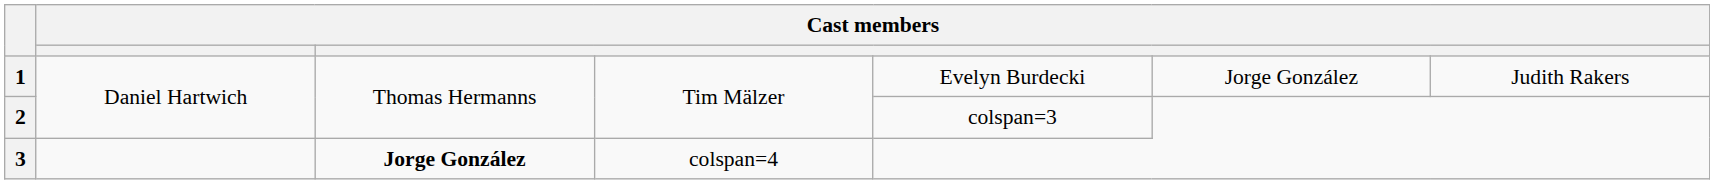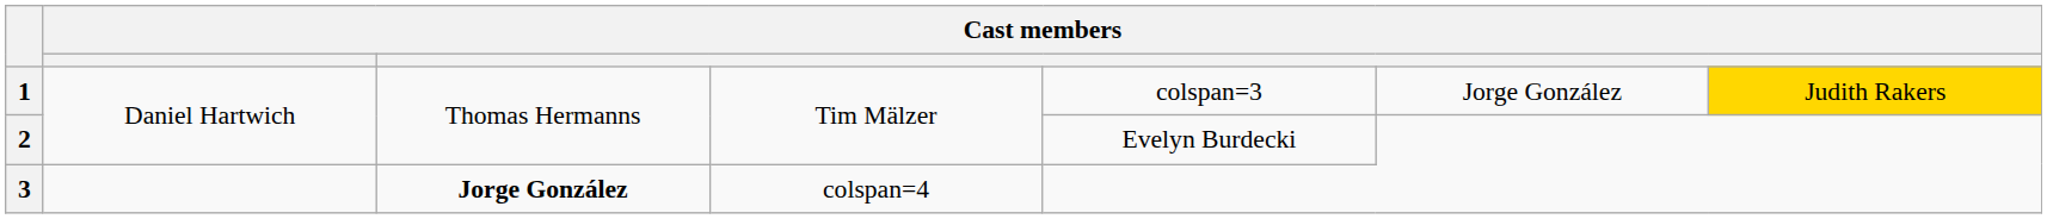 <table class="wikitable plainrowheaders" style="width:100%; text-align:center; line-height:23px;">
 <tr>
 <th rowspan=2 width=1%></th>
 <th colspan=6>Cast members </th>
 </tr>
 <tr>
 <th></th>
 <th colspan=5></th>
 </tr>
 <tr>
 <th>1</th>
 <td rowspan=2 width=10%>Daniel Hartwich</td>
 <td rowspan=2 width=10%>Thomas Hermanns</td>
 <td rowspan=2 width=10%>Tim Mälzer</td>
-<td width=10%>Evelyn Burdecki</td>
+<td>colspan=3 </td>
 <td width=10%>Jorge González</td>
-<td width=10%>Judith Rakers</td>
+<td width=10% style="background: gold;">Judith Rakers</td>
 </tr>
 <tr>
 <th>2</th>
-<td>colspan=3 </td>
+<td width=10%>Evelyn Burdecki</td>
 </tr>
 <tr>
 <th>3</th>
 <td></td>
 <td><strong>Jorge González</strong></td>
 <td>colspan=4 </td>
 </tr>
 </table>
